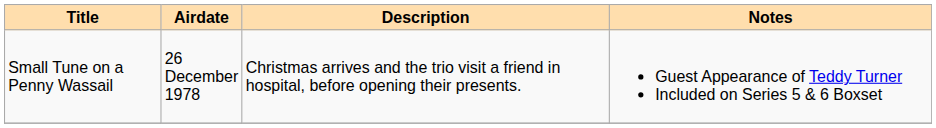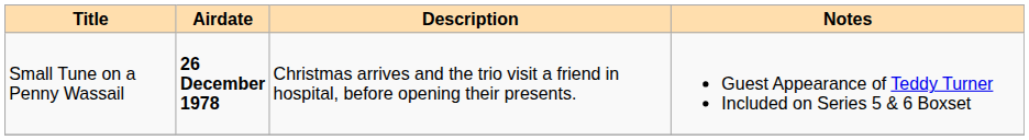 <table class="wikitable" width=100% border=1 style="font-size: 95%">
 <tr>
 <th style="background:#ffdead" width=17%>Title</th>
 <th style="background:#ffdead" width=8%>Airdate</th>
 <th style="background:#ffdead" width=40%>Description</th>
 <th style="background:#ffdead" width=35%>Notes</th>
 </tr>
 <tr>
 <td>Small Tune on a Penny Wassail</td>
-<td>26 December 1978</td>
+<td><strong>26 December 1978</strong></td>
 <td>Christmas arrives and the trio visit a friend in hospital, before opening their presents.</td>
 <td><br><ul><li>Guest Appearance of <a href='#'>Teddy Turner</a></li><li>Included on Series 5 & 6 Boxset</li></ul></td>
 </tr>
 <tr>
 </tr>
 </table>
